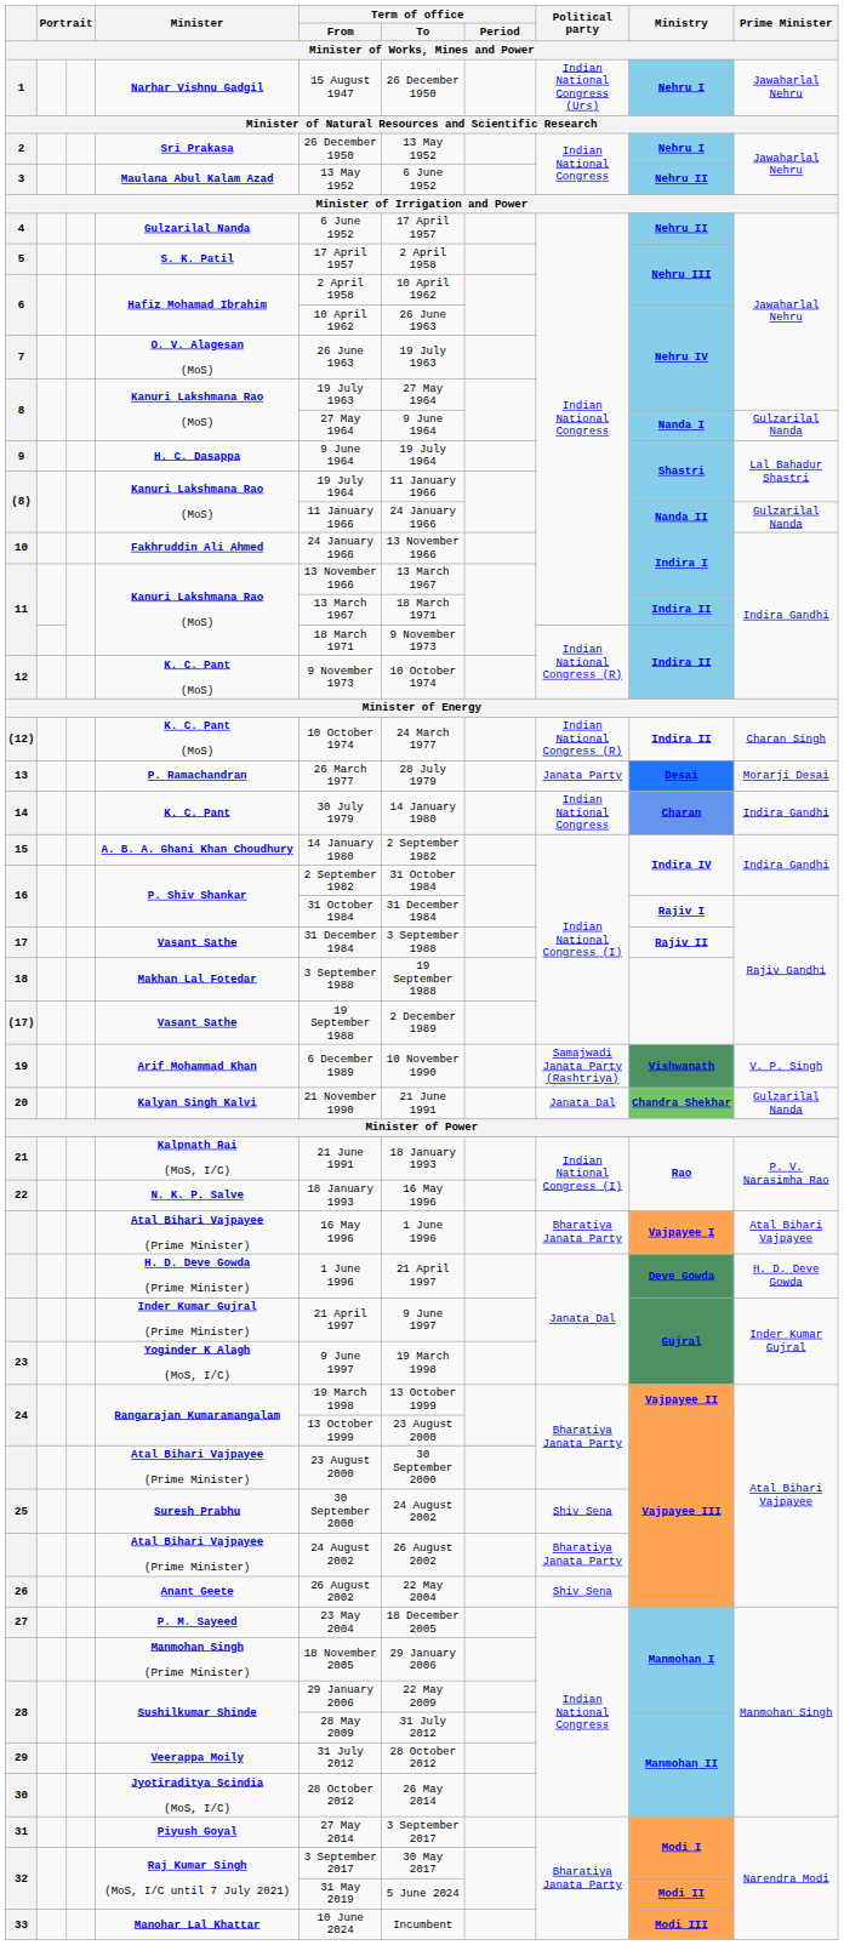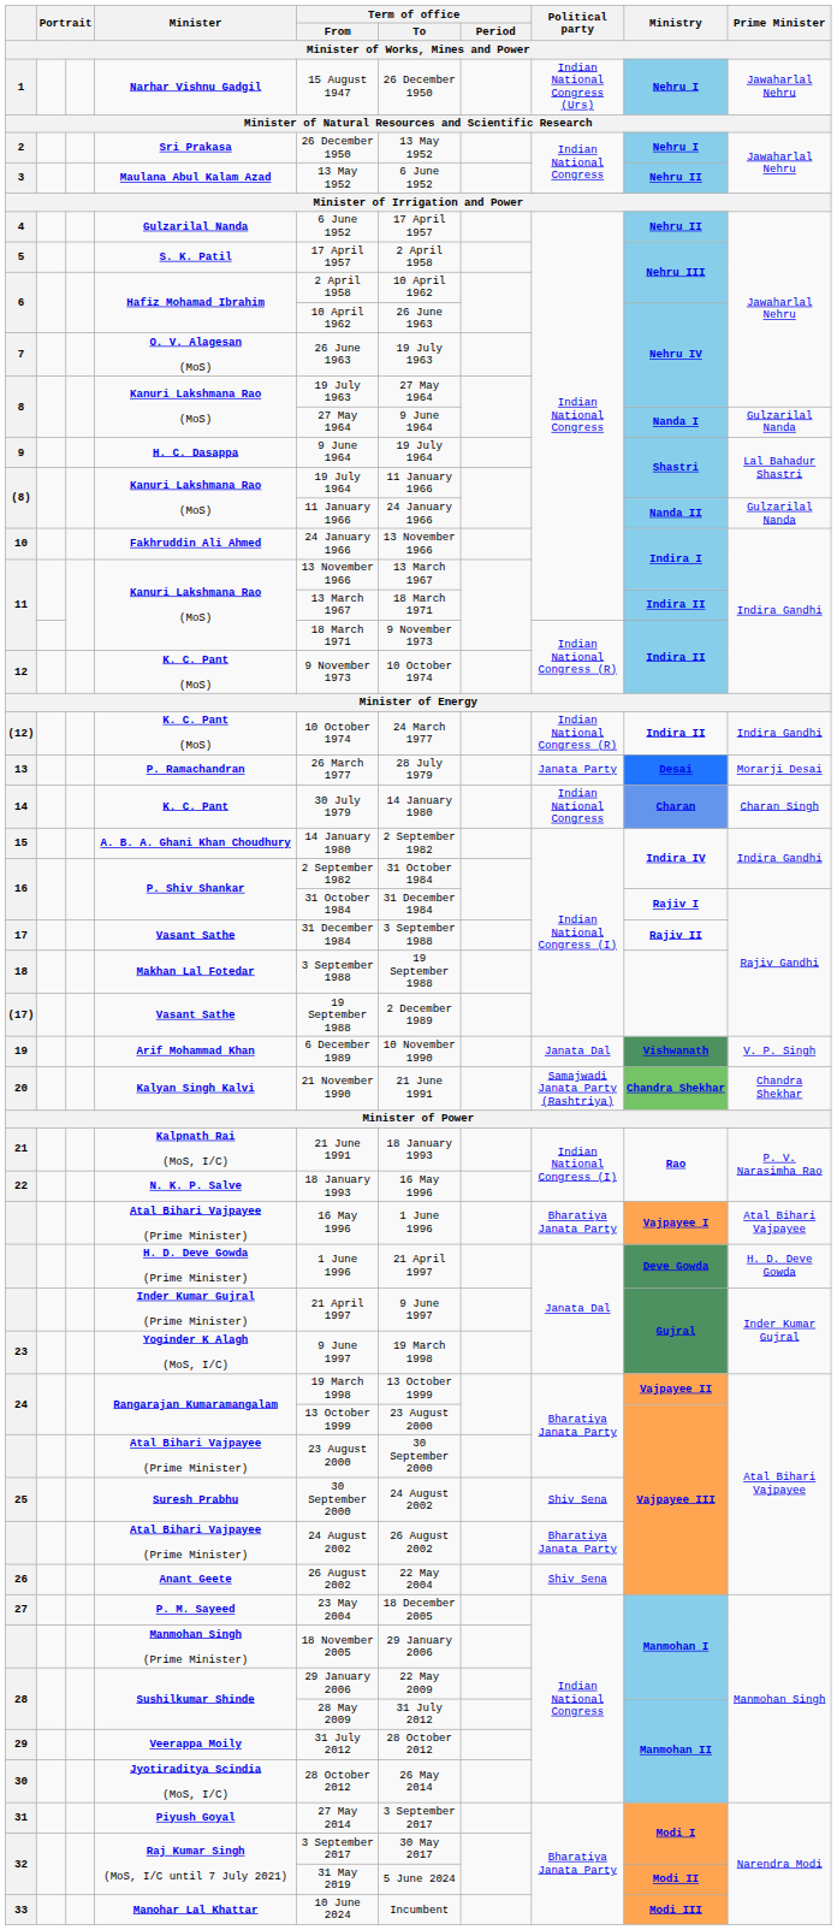 <table class="wikitable" style="text-align:center">
 <tr>
 <th rowspan="2"></th>
 <th rowspan="2" colspan="2">Portrait</th>
 <th rowspan="2" style="width:18em">Minister<br></th>
 <th colspan="3">Term of office</th>
 <th rowspan="2" style="width:8em">Political party</th>
 <th rowspan="2">Ministry</th>
 <th rowspan="2" style="width:9em">Prime Minister</th>
 </tr>
 <tr>
 <th style="width:7em">From</th>
 <th style="width:7em">To</th>
 <th style="width:6em">Period</th>
 </tr>
 <tr>
 <th colspan="10">Minister of Works, Mines and Power</th>
 </tr>
 <tr>
 <th>1</th>
 <td></td>
 <td></td>
 <td><strong><a href='#'>Narhar Vishnu Gadgil</a></strong><br></td>
 <td>15 August<br>1947</td>
 <td>26 December<br>1950</td>
 <td><strong></strong></td>
 <td><a href='#'>Indian National Congress (Urs)</a></td>
 <td bgcolor="#87CEEB"><strong><a href='#'>Nehru I</a></strong></td>
 <td><a href='#'>Jawaharlal Nehru</a></td>
 </tr>
 <tr>
 <th colspan="10">Minister of Natural Resources and Scientific Research</th>
 </tr>
 <tr>
 <th>2</th>
 <td></td>
 <td></td>
 <td><strong><a href='#'>Sri Prakasa</a></strong><br></td>
 <td>26 December<br>1950</td>
 <td>13 May<br>1952</td>
 <td><strong></strong></td>
 <td rowspan="2"><a href='#'>Indian National Congress</a></td>
 <td bgcolor="#87CEEB"><strong><a href='#'>Nehru I</a></strong></td>
 <td rowspan="2"><a href='#'>Jawaharlal Nehru</a></td>
 </tr>
 <tr>
 <th>3</th>
 <td></td>
 <td></td>
 <td><strong><a href='#'>Maulana Abul Kalam Azad</a></strong><br></td>
 <td>13 May<br>1952</td>
 <td>6 June<br>1952</td>
 <td><strong></strong></td>
 <td bgcolor="#87CEEB"><strong><a href='#'>Nehru II</a></strong></td>
 </tr>
 <tr>
 <th colspan="10">Minister of Irrigation and Power</th>
 </tr>
 <tr>
 <th>4</th>
 <td></td>
 <td></td>
 <td><strong><a href='#'>Gulzarilal Nanda</a></strong><br></td>
 <td>6 June<br>1952</td>
 <td>17 April<br>1957</td>
 <td><strong></strong></td>
 <td rowspan="13"><a href='#'>Indian National Congress</a></td>
 <td bgcolor="#87CEEB"><strong><a href='#'>Nehru II</a></strong></td>
 <td rowspan="6"><a href='#'>Jawaharlal Nehru</a></td>
 </tr>
 <tr>
 <th>5</th>
 <td></td>
 <td></td>
 <td><strong><a href='#'>S. K. Patil</a></strong><br></td>
 <td>17 April<br>1957</td>
 <td>2 April<br>1958</td>
 <td><strong></strong></td>
 <td rowspan="2" bgcolor="#87CEEB"><strong><a href='#'>Nehru III</a></strong></td>
 </tr>
 <tr>
 <th rowspan="2">6</th>
 <td rowspan="2"></td>
 <td rowspan="2"></td>
 <td rowspan="2"><strong><a href='#'>Hafiz Mohamad Ibrahim</a></strong><br></td>
 <td>2 April<br>1958</td>
 <td>10 April<br>1962</td>
 <td rowspan="2"><strong></strong></td>
 </tr>
 <tr>
 <td>10 April<br>1962</td>
 <td>26 June<br>1963</td>
 <td rowspan="3" bgcolor="#87CEEB"><strong><a href='#'>Nehru IV</a></strong></td>
 </tr>
 <tr>
 <th>7</th>
 <td></td>
 <td></td>
 <td><strong><a href='#'>O. V. Alagesan</a></strong><br><br>(MoS)</td>
 <td>26 June<br>1963</td>
 <td>19 July<br>1963</td>
 <td><strong></strong></td>
 </tr>
 <tr>
 <th rowspan="2">8</th>
 <td rowspan="2"></td>
 <td rowspan="2"></td>
 <td rowspan="2"><strong><a href='#'>Kanuri Lakshmana Rao</a></strong><br><br>(MoS)</td>
 <td>19 July<br>1963</td>
 <td>27 May<br>1964</td>
 <td rowspan="2"><strong></strong></td>
 </tr>
 <tr>
 <td>27 May<br>1964</td>
 <td>9 June<br>1964</td>
 <td bgcolor="#87CEEB"><strong><a href='#'>Nanda I</a></strong></td>
 <td><a href='#'>Gulzarilal Nanda</a></td>
 </tr>
 <tr>
 <th>9</th>
 <td></td>
 <td></td>
 <td><strong><a href='#'>H. C. Dasappa</a></strong><br></td>
 <td>9 June<br>1964</td>
 <td>19 July<br>1964</td>
 <td><strong></strong></td>
 <td rowspan="2" bgcolor="#87CEEB"><strong><a href='#'>Shastri</a></strong></td>
 <td rowspan="2"><a href='#'>Lal Bahadur Shastri</a></td>
 </tr>
 <tr>
 <th rowspan="2">(8)</th>
 <td rowspan="2"></td>
 <td rowspan="2"></td>
 <td rowspan="2"><strong><a href='#'>Kanuri Lakshmana Rao</a></strong><br><br>(MoS)</td>
 <td>19 July<br>1964</td>
 <td>11 January<br>1966</td>
 <td rowspan="2"><strong></strong></td>
 </tr>
 <tr>
 <td>11 January<br>1966</td>
 <td>24 January<br>1966</td>
 <td bgcolor="#87CEEB"><strong><a href='#'>Nanda II</a></strong></td>
 <td><a href='#'>Gulzarilal Nanda</a></td>
 </tr>
 <tr>
 <th>10</th>
 <td></td>
 <td></td>
 <td><strong><a href='#'>Fakhruddin Ali Ahmed</a></strong><br></td>
 <td>24 January<br>1966</td>
 <td>13 November<br>1966</td>
 <td><strong></strong></td>
 <td rowspan="2" bgcolor="#87CEEB"><strong><a href='#'>Indira I</a></strong></td>
 <td rowspan="5"><a href='#'>Indira Gandhi</a></td>
 </tr>
 <tr>
 <th rowspan="3">11</th>
 <td rowspan="2"></td>
 <td rowspan="3"></td>
 <td rowspan="3"><strong><a href='#'>Kanuri Lakshmana Rao</a></strong><br><br>(MoS)</td>
 <td>13 November<br>1966</td>
 <td>13 March<br>1967</td>
 <td rowspan="3"><strong></strong></td>
 </tr>
 <tr>
 <td>13 March<br>1967</td>
 <td>18 March<br>1971</td>
 <td bgcolor="#87CEEB"><strong><a href='#'>Indira II</a></strong></td>
 </tr>
 <tr>
 <td></td>
 <td>18 March<br>1971</td>
 <td>9 November<br>1973</td>
 <td rowspan="2"><a href='#'>Indian National Congress (R)</a></td>
 <td rowspan="2" bgcolor="#87CEEB"><strong><a href='#'>Indira II</a></strong></td>
 </tr>
 <tr>
 <th>12</th>
 <td></td>
 <td></td>
 <td><strong><a href='#'>K. C. Pant</a></strong><br><br>(MoS)</td>
 <td>9 November<br>1973</td>
 <td>10 October<br>1974</td>
 <td><strong></strong></td>
 </tr>
 <tr>
 <th colspan="10">Minister of Energy</th>
 </tr>
 <tr>
 <th>(12)</th>
 <td></td>
 <td></td>
 <td><strong><a href='#'>K. C. Pant</a></strong><br><br>(MoS)</td>
 <td>10 October<br>1974</td>
 <td>24 March<br>1977</td>
 <td><strong></strong></td>
 <td><a href='#'>Indian National Congress (R)</a></td>
 <td><strong><a href='#'>Indira II</a></strong></td>
-<td><a href='#'>Charan Singh</a></td>
+<td><a href='#'>Indira Gandhi</a></td>
 </tr>
 <tr>
 <th>13</th>
 <td></td>
 <td></td>
 <td><strong><a href='#'>P. Ramachandran</a></strong><br></td>
 <td>26 March<br>1977</td>
 <td>28 July<br>1979</td>
 <td><strong></strong></td>
 <td><a href='#'>Janata Party</a></td>
 <td bgcolor="#1F75FE"><strong><a href='#'>Desai</a></strong></td>
 <td><a href='#'>Morarji Desai</a></td>
 </tr>
 <tr>
 <th>14</th>
 <td></td>
 <td></td>
 <td><strong><a href='#'>K. C. Pant</a></strong><br></td>
 <td>30 July<br>1979</td>
 <td>14 January<br>1980</td>
 <td><strong></strong></td>
 <td><a href='#'>Indian National Congress</a></td>
 <td bgcolor="#6495ED"><strong><a href='#'>Charan</a></strong></td>
-<td><a href='#'>Indira Gandhi</a></td>
+<td><a href='#'>Charan Singh</a></td>
 </tr>
 <tr>
 <th>15</th>
 <td></td>
 <td></td>
 <td><strong><a href='#'>A. B. A. Ghani Khan Choudhury</a></strong><br></td>
 <td>14 January<br>1980</td>
 <td>2 September<br>1982</td>
 <td><strong></strong></td>
 <td rowspan="6"><a href='#'>Indian National Congress (I)</a></td>
 <td rowspan="2"><strong><a href='#'>Indira IV</a></strong></td>
 <td rowspan="2"><a href='#'>Indira Gandhi</a></td>
 </tr>
 <tr>
 <th rowspan="2">16</th>
 <td rowspan="2"></td>
 <td rowspan="2"></td>
 <td rowspan="2"><strong><a href='#'>P. Shiv Shankar</a></strong><br></td>
 <td>2 September<br>1982</td>
 <td>31 October<br>1984</td>
 <td rowspan="2"><strong></strong></td>
 </tr>
 <tr>
 <td>31 October<br>1984</td>
 <td>31 December<br>1984</td>
 <td><strong><a href='#'>Rajiv I</a></strong></td>
 <td rowspan="4"><a href='#'>Rajiv Gandhi</a></td>
 </tr>
 <tr>
 <th>17</th>
 <td></td>
 <td></td>
 <td><strong><a href='#'>Vasant Sathe</a></strong><br></td>
 <td>31 December<br>1984</td>
 <td>3 September<br>1988</td>
 <td><strong></strong></td>
 <td><a href='#'><strong>Rajiv II</strong></a></td>
 </tr>
 <tr>
 <th>18</th>
 <td></td>
 <td></td>
 <td><strong><a href='#'>Makhan Lal Fotedar</a></strong><br></td>
 <td>3 September<br>1988</td>
 <td>19 September<br>1988</td>
 <td><strong></strong></td>
 </tr>
 <tr>
 <th>(17)</th>
 <td></td>
 <td></td>
 <td><strong><a href='#'>Vasant Sathe</a></strong><br></td>
 <td>19 September<br>1988</td>
 <td>2 December<br>1989</td>
 <td><strong></strong></td>
 </tr>
 <tr>
 <th>19</th>
 <td></td>
 <td></td>
 <td><strong><a href='#'>Arif Mohammad Khan</a></strong><br></td>
 <td>6 December<br>1989</td>
 <td>10 November<br>1990</td>
 <td><strong></strong></td>
-<td><a href='#'>Samajwadi Janata Party (Rashtriya)</a></td>
+<td><a href='#'>Janata Dal</a></td>
 <td style="background:#4C915F"><strong><a href='#'>Vishwanath</a></strong></td>
 <td><a href='#'>V. P. Singh</a></td>
 </tr>
 <tr>
 <th>20</th>
 <td></td>
 <td></td>
 <td><strong><a href='#'>Kalyan Singh Kalvi</a></strong><br></td>
 <td>21 November<br>1990</td>
 <td>21 June<br>1991</td>
 <td><strong></strong></td>
-<td><a href='#'>Janata Dal</a></td>
+<td><a href='#'>Samajwadi Janata Party (Rashtriya)</a></td>
 <td style="background:#74C365"><strong><a href='#'>Chandra Shekhar</a></strong></td>
-<td><a href='#'>Gulzarilal Nanda</a></td>
+<td><a href='#'>Chandra Shekhar</a></td>
 </tr>
 <tr>
 <th colspan="10">Minister of Power</th>
 </tr>
 <tr>
 <th>21</th>
 <td></td>
 <td></td>
 <td><strong><a href='#'>Kalpnath Rai</a></strong><br><br>(MoS, I/C)</td>
 <td>21 June<br>1991</td>
 <td>18 January<br>1993</td>
 <td><strong></strong></td>
 <td rowspan="2"><a href='#'>Indian National Congress (I)</a></td>
 <td rowspan="2"><a href='#'><strong>Rao</strong></a></td>
 <td rowspan="2"><a href='#'>P. V. Narasimha Rao</a></td>
 </tr>
 <tr>
 <th>22</th>
 <td></td>
 <td></td>
 <td><strong><a href='#'>N. K. P. Salve</a></strong><br></td>
 <td>18 January<br>1993</td>
 <td>16 May<br>1996</td>
 <td><strong></strong></td>
 </tr>
 <tr>
 <th></th>
 <td></td>
 <td></td>
 <td><strong><a href='#'>Atal Bihari Vajpayee</a></strong><br><br>(Prime Minister)</td>
 <td>16 May<br>1996</td>
 <td>1 June<br>1996</td>
 <td><strong></strong></td>
 <td><a href='#'>Bharatiya Janata Party</a></td>
 <td style="background:#FFA551;"><strong><a href='#'>Vajpayee I</a></strong></td>
 <td><a href='#'>Atal Bihari Vajpayee</a></td>
 </tr>
 <tr>
 <th></th>
 <td></td>
 <td></td>
 <td><strong><a href='#'>H. D. Deve Gowda</a></strong><br><br>(Prime Minister)</td>
 <td>1 June<br>1996</td>
 <td>21 April<br>1997</td>
 <td><strong></strong></td>
 <td rowspan="3"><a href='#'>Janata Dal</a></td>
 <td style="background:#4C915F"><strong><a href='#'>Deve Gowda</a></strong></td>
 <td><a href='#'>H. D. Deve Gowda</a></td>
 </tr>
 <tr>
 <th></th>
 <td></td>
 <td></td>
 <td><strong><a href='#'>Inder Kumar Gujral</a></strong><br><br>(Prime Minister)</td>
 <td>21 April<br>1997</td>
 <td>9 June<br>1997</td>
 <td><strong></strong></td>
 <td rowspan="2" style="background:#4C915F"><strong><a href='#'>Gujral</a></strong></td>
 <td rowspan="2"><a href='#'>Inder Kumar Gujral</a></td>
 </tr>
 <tr>
 <th>23</th>
 <td></td>
 <td></td>
 <td><strong><a href='#'>Yoginder K Alagh</a></strong><br><br>(MoS, I/C)</td>
 <td>9 June<br>1997</td>
 <td>19 March<br>1998</td>
 <td><strong></strong></td>
 </tr>
 <tr>
 <th rowspan="2">24</th>
 <td rowspan="2"></td>
 <td rowspan="2"></td>
 <td rowspan="2"><strong><a href='#'>Rangarajan Kumaramangalam</a></strong><br></td>
 <td>19 March<br>1998</td>
 <td>13 October<br>1999</td>
 <td rowspan="2"><strong></strong></td>
 <td rowspan="3"><a href='#'>Bharatiya Janata Party</a></td>
 <td style="background:#FFA551;"><strong><a href='#'>Vajpayee II</a></strong></td>
 <td rowspan="6"><a href='#'>Atal Bihari Vajpayee</a></td>
 </tr>
 <tr>
 <td>13 October<br>1999</td>
 <td>23 August<br>2000</td>
 <td rowspan="5" style="background:#FFA551;"><strong><a href='#'>Vajpayee III</a></strong></td>
 </tr>
 <tr>
 <th></th>
 <td></td>
 <td></td>
 <td><strong><a href='#'>Atal Bihari Vajpayee</a></strong><br><br>(Prime Minister)</td>
 <td>23 August<br>2000</td>
 <td>30 September<br>2000</td>
 <td><strong></strong></td>
 </tr>
 <tr>
 <th>25</th>
 <td></td>
 <td></td>
 <td><strong><a href='#'>Suresh Prabhu</a></strong><br></td>
 <td>30 September<br>2000</td>
 <td>24 August<br>2002</td>
 <td><strong></strong></td>
 <td><a href='#'>Shiv Sena</a></td>
 </tr>
 <tr>
 <th></th>
 <td></td>
 <td></td>
 <td><strong><a href='#'>Atal Bihari Vajpayee</a></strong><br><br>(Prime Minister)</td>
 <td>24 August<br>2002</td>
 <td>26 August<br>2002</td>
 <td><strong></strong></td>
 <td><a href='#'>Bharatiya Janata Party</a></td>
 </tr>
 <tr>
 <th>26</th>
 <td></td>
 <td></td>
 <td><strong><a href='#'>Anant Geete</a></strong><br></td>
 <td>26 August<br>2002</td>
 <td>22 May<br>2004</td>
 <td><strong></strong></td>
 <td><a href='#'>Shiv Sena</a></td>
 </tr>
 <tr>
 <th>27</th>
 <td></td>
 <td></td>
 <td><strong><a href='#'>P. M. Sayeed</a></strong><br></td>
 <td>23 May<br>2004</td>
 <td>18 December<br>2005</td>
 <td><strong></strong></td>
 <td rowspan="6"><a href='#'>Indian National Congress</a></td>
 <td rowspan="3" bgcolor="#87CEEB"><a href='#'><strong>Manmohan I</strong></a></td>
 <td rowspan="6"><a href='#'>Manmohan Singh</a></td>
 </tr>
 <tr>
 <th></th>
 <td></td>
 <td></td>
 <td><strong><a href='#'>Manmohan Singh</a></strong><br><br>(Prime Minister)</td>
 <td>18 November<br>2005</td>
 <td>29 January<br>2006</td>
 <td><strong></strong></td>
 </tr>
 <tr>
 <th rowspan="2">28</th>
 <td rowspan="2"></td>
 <td rowspan="2"></td>
 <td rowspan="2"><strong><a href='#'>Sushilkumar Shinde</a></strong><br></td>
 <td>29 January<br>2006</td>
 <td>22 May<br>2009</td>
 <td><strong></strong></td>
 </tr>
 <tr>
 <td>28 May<br>2009</td>
 <td>31 July<br>2012</td>
 <td><strong></strong></td>
 <td rowspan="3" bgcolor="#87CEEB"><a href='#'><strong>Manmohan II</strong></a></td>
 </tr>
 <tr>
 <th>29</th>
 <td></td>
 <td></td>
 <td><strong><a href='#'>Veerappa Moily</a></strong><br></td>
 <td>31 July<br>2012</td>
 <td>28 October<br>2012</td>
 <td><strong></strong></td>
 </tr>
 <tr>
 <th>30</th>
 <td></td>
 <td></td>
 <td><strong><a href='#'>Jyotiraditya Scindia</a></strong><br><br>(MoS, I/C)</td>
 <td>28 October<br>2012</td>
 <td>26 May<br>2014</td>
 <td><strong></strong></td>
 </tr>
 <tr>
 <th>31</th>
 <td></td>
 <td></td>
 <td><strong><a href='#'>Piyush Goyal</a></strong><br></td>
 <td>27 May<br>2014</td>
 <td>3 September<br>2017</td>
 <td><strong></strong></td>
 <td rowspan="4"><a href='#'>Bharatiya Janata Party</a></td>
 <td rowspan="2" style="background:#FFA551;"><strong><a href='#'>Modi I</a></strong></td>
 <td rowspan="4"><a href='#'>Narendra Modi</a></td>
 </tr>
 <tr>
 <th rowspan="2">32</th>
 <td rowspan="2"></td>
 <td rowspan="2"></td>
 <td rowspan="2"><strong><a href='#'>Raj Kumar Singh</a></strong><br><br>(MoS, I/C until 7 July 2021)</td>
 <td>3 September<br>2017</td>
 <td>30 May<br>2017</td>
 <td rowspan="2"><strong></strong></td>
 </tr>
 <tr>
 <td>31 May<br>2019</td>
 <td>5 June 2024</td>
 <td style="background:#FFA551;"><strong><a href='#'>Modi II</a></strong></td>
 </tr>
 <tr>
 <th>33</th>
 <td></td>
 <td></td>
 <td><strong><a href='#'>Manohar Lal Khattar</a></strong><br></td>
 <td>10 June 2024</td>
 <td>Incumbent</td>
 <td><strong></strong></td>
 <td style="background:#FFA551;"><strong><a href='#'>Modi III</a></strong></td>
 </tr>
 </table>
